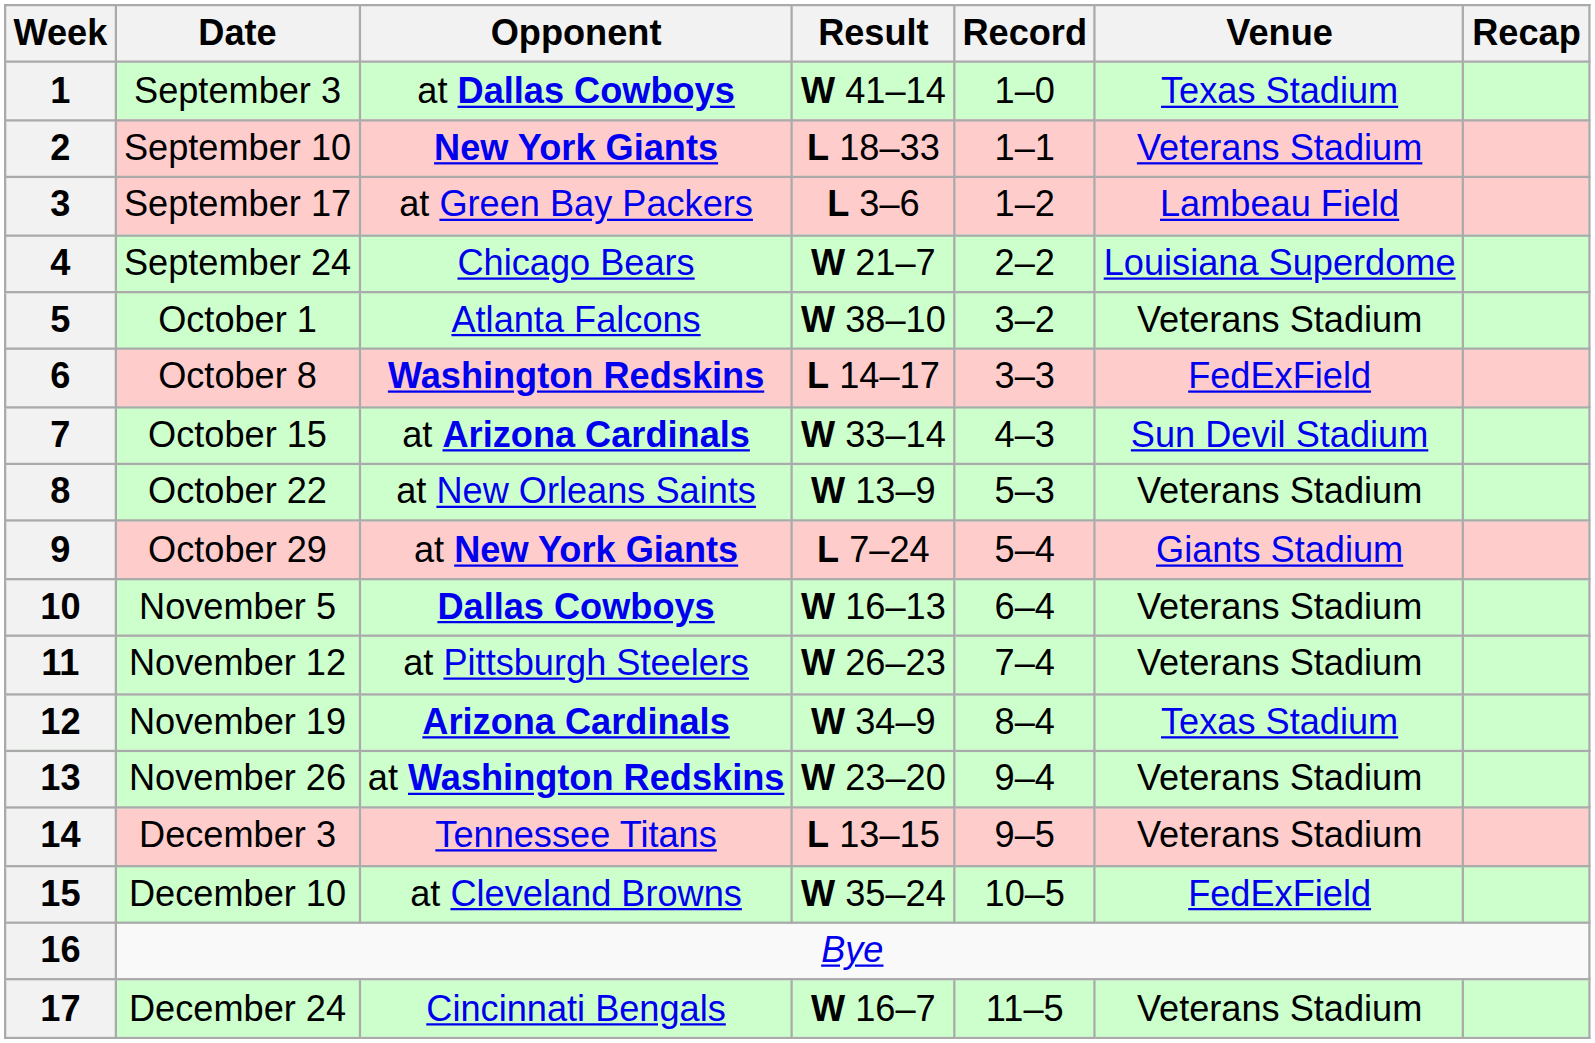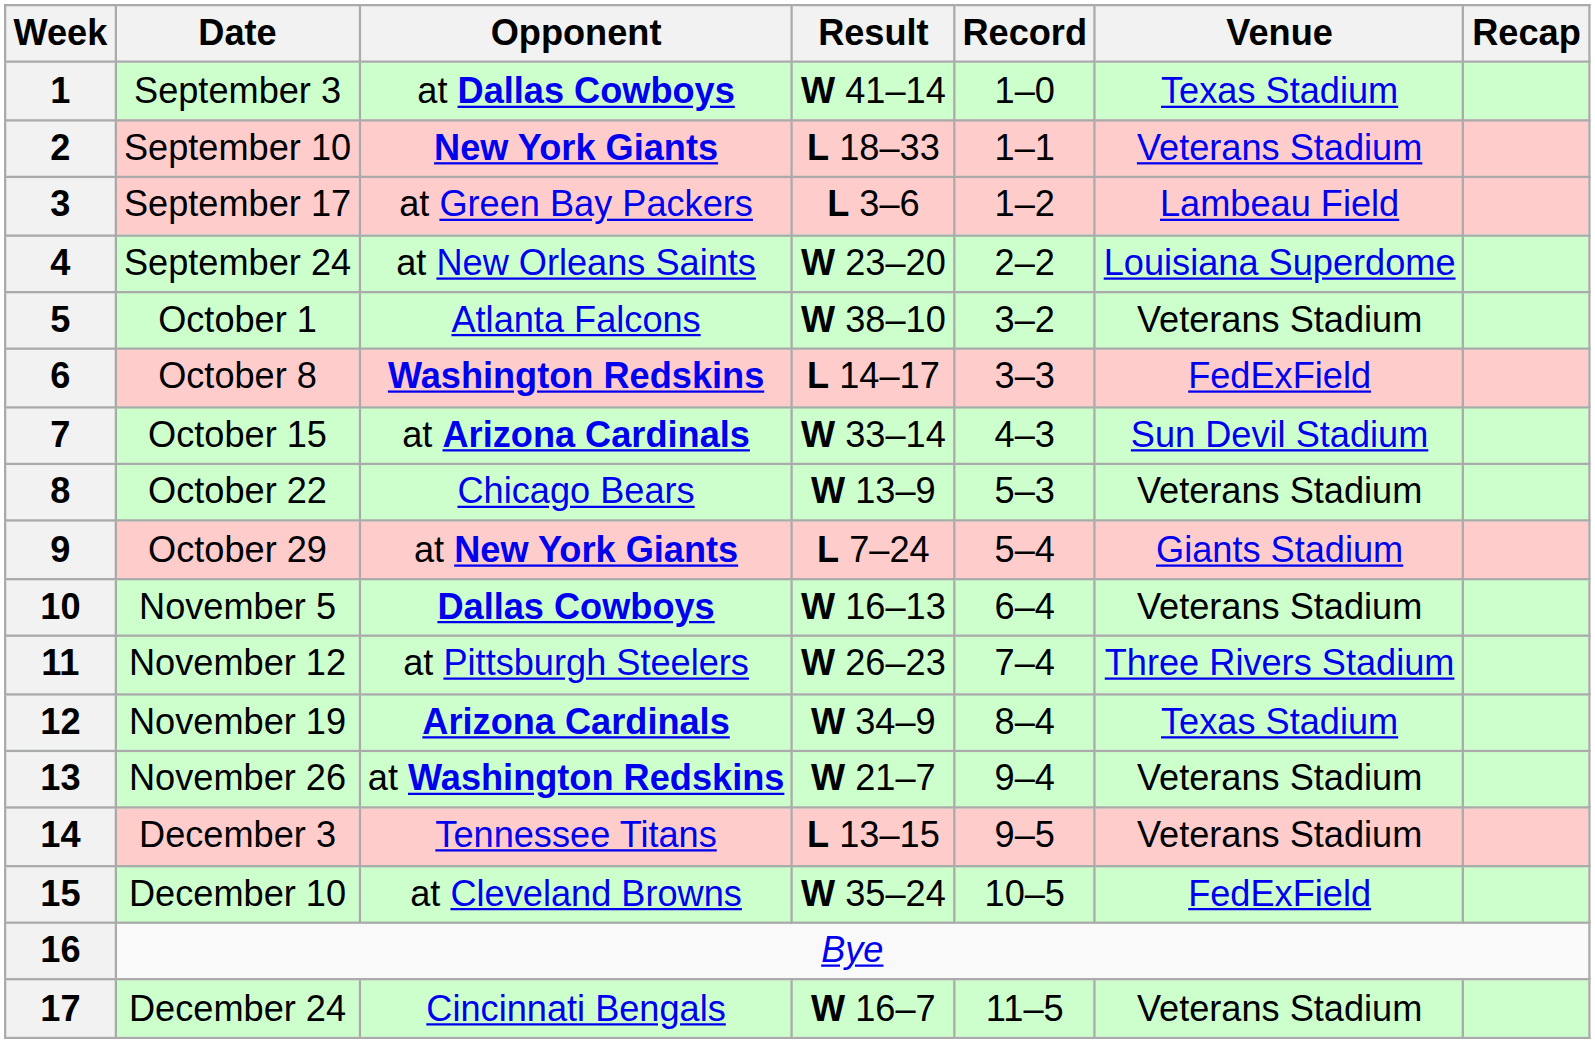 <table class="wikitable" style="text-align:center">
 <tr>
 <th>Week</th>
 <th>Date</th>
 <th>Opponent</th>
 <th>Result</th>
 <th>Record</th>
 <th>Venue</th>
 <th>Recap</th>
 </tr>
 <tr style="background:#cfc">
 <th>1</th>
 <td>September 3</td>
 <td>at <strong><a href='#'>Dallas Cowboys</a></strong></td>
 <td><strong>W</strong> 41–14</td>
 <td>1–0</td>
 <td><a href='#'>Texas Stadium</a></td>
 <td></td>
 </tr>
 <tr style="background:#fcc">
 <th>2</th>
 <td>September 10</td>
 <td><strong><a href='#'>New York Giants</a></strong></td>
 <td><strong>L</strong> 18–33</td>
 <td>1–1</td>
 <td><a href='#'>Veterans Stadium</a></td>
 <td></td>
 </tr>
 <tr style="background:#fcc">
 <th>3</th>
 <td>September 17</td>
 <td>at <a href='#'>Green Bay Packers</a></td>
 <td><strong>L</strong> 3–6</td>
 <td>1–2</td>
 <td><a href='#'>Lambeau Field</a></td>
 <td></td>
 </tr>
 <tr style="background:#cfc">
 <th>4</th>
 <td>September 24</td>
-<td><a href='#'>Chicago Bears</a></td>
-<td><strong>W</strong> 21–7</td>
+<td>at <a href='#'>New Orleans Saints</a></td>
+<td><strong>W</strong> 23–20</td>
 <td>2–2</td>
 <td><a href='#'>Louisiana Superdome</a></td>
 <td></td>
 </tr>
 <tr style="background:#cfc">
 <th>5</th>
 <td>October 1</td>
 <td><a href='#'>Atlanta Falcons</a></td>
 <td><strong>W</strong> 38–10</td>
 <td>3–2</td>
 <td>Veterans Stadium</td>
 <td></td>
 </tr>
 <tr style="background:#fcc">
 <th>6</th>
 <td>October 8</td>
 <td><strong><a href='#'>Washington Redskins</a></strong></td>
 <td><strong>L</strong> 14–17</td>
 <td>3–3</td>
 <td><a href='#'>FedExField</a></td>
 <td></td>
 </tr>
 <tr style="background:#cfc">
 <th>7</th>
 <td>October 15</td>
 <td>at <strong><a href='#'>Arizona Cardinals</a></strong></td>
 <td><strong>W</strong> 33–14</td>
 <td>4–3</td>
 <td><a href='#'>Sun Devil Stadium</a></td>
 <td></td>
 </tr>
 <tr style="background:#cfc">
 <th>8</th>
 <td>October 22</td>
-<td>at <a href='#'>New Orleans Saints</a></td>
+<td><a href='#'>Chicago Bears</a></td>
 <td><strong>W</strong> 13–9</td>
 <td>5–3</td>
 <td>Veterans Stadium</td>
 <td></td>
 </tr>
 <tr style="background:#fcc">
 <th>9</th>
 <td>October 29</td>
 <td>at <strong><a href='#'>New York Giants</a></strong></td>
 <td><strong>L</strong> 7–24</td>
 <td>5–4</td>
 <td><a href='#'>Giants Stadium</a></td>
 <td></td>
 </tr>
 <tr style="background:#cfc">
 <th>10</th>
 <td>November 5</td>
 <td><strong><a href='#'>Dallas Cowboys</a></strong></td>
 <td><strong>W</strong> 16–13 </td>
 <td>6–4</td>
 <td>Veterans Stadium</td>
 <td></td>
 </tr>
 <tr style="background:#cfc">
 <th>11</th>
 <td>November 12</td>
 <td>at <a href='#'>Pittsburgh Steelers</a></td>
 <td><strong>W</strong> 26–23 </td>
 <td>7–4</td>
-<td>Veterans Stadium</td>
+<td><a href='#'>Three Rivers Stadium</a></td>
 <td></td>
 </tr>
 <tr style="background:#cfc">
 <th>12</th>
 <td>November 19</td>
 <td><strong><a href='#'>Arizona Cardinals</a></strong></td>
 <td><strong>W</strong> 34–9</td>
 <td>8–4</td>
 <td><a href='#'>Texas Stadium</a></td>
 <td></td>
 </tr>
 <tr style="background:#cfc">
 <th>13</th>
 <td>November 26</td>
 <td>at <strong><a href='#'>Washington Redskins</a></strong></td>
-<td><strong>W</strong> 23–20</td>
+<td><strong>W</strong> 21–7</td>
 <td>9–4</td>
 <td>Veterans Stadium</td>
 <td></td>
 </tr>
 <tr style="background:#fcc">
 <th>14</th>
 <td>December 3</td>
 <td><a href='#'>Tennessee Titans</a></td>
 <td><strong>L</strong> 13–15</td>
 <td>9–5</td>
 <td>Veterans Stadium</td>
 <td></td>
 </tr>
 <tr style="background:#cfc">
 <th>15</th>
 <td>December 10</td>
 <td>at <a href='#'>Cleveland Browns</a></td>
 <td><strong>W</strong> 35–24</td>
 <td>10–5</td>
 <td><a href='#'>FedExField</a></td>
 <td></td>
 </tr>
 <tr>
 <th>16</th>
 <td colspan="6"><em><a href='#'>Bye</a></em></td>
 </tr>
 <tr style="background:#cfc">
 <th>17</th>
 <td>December 24</td>
 <td><a href='#'>Cincinnati Bengals</a></td>
 <td><strong>W</strong> 16–7</td>
 <td>11–5</td>
 <td>Veterans Stadium</td>
 <td></td>
 </tr>
 </table>
